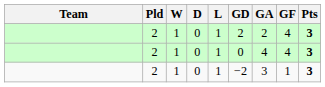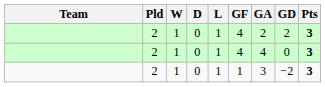 <table class="wikitable" style="text-align:center;">
 <tr>
 <th width=175>Team</th>
 <th width=20 abbr="Played">Pld</th>
 <th width=20 abbr="Won">W</th>
 <th width=20 abbr="Drawn">D</th>
 <th width=20 abbr="Lost">L</th>
+<th width=20 abbr="Goals for">GF</th>
+<th width=20 abbr="Goals against">GA</th>
 <th width=20 abbr="Goal difference">GD</th>
-<th width=20 abbr="Goals against">GA</th>
-<th width=20 abbr="Goals for">GF</th>
 <th width=20 abbr="Points">Pts</th>
 </tr>
 <tr bgcolor=#ccffcc>
 <td align=left></td>
 <td>2</td>
 <td>1</td>
 <td>0</td>
 <td>1</td>
+<td>4</td>
 <td>2</td>
 <td>2</td>
-<td>4</td>
 <td><strong>3</strong></td>
 </tr>
 <tr bgcolor=#ccffcc>
 <td align=left></td>
 <td>2</td>
 <td>1</td>
 <td>0</td>
 <td>1</td>
-<td>0</td>
 <td>4</td>
 <td>4</td>
+<td>0</td>
 <td><strong>3</strong></td>
 </tr>
 <tr>
 <td align=left></td>
 <td>2</td>
 <td>1</td>
 <td>0</td>
 <td>1</td>
+<td>1</td>
+<td>3</td>
 <td>−2</td>
-<td>3</td>
-<td>1</td>
 <td><strong>3</strong></td>
 </tr>
 </table>
